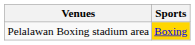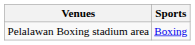 <table class="wikitable" style="margin-left:auto;margin-right:auto">
 <tr>
 <th>Venues</th>
 <th>Sports</th>
 </tr>
 <tr>
 <td>Pelalawan Boxing stadium area</td>
-<td style="background: gold;"><a href='#'>Boxing</a></td>
+<td><a href='#'>Boxing</a></td>
 </tr>
 </table>
